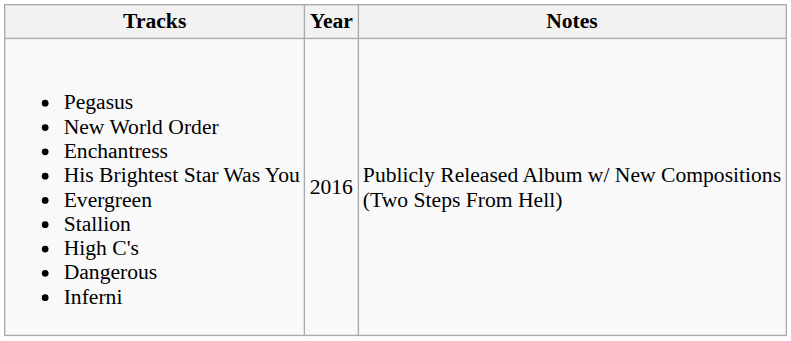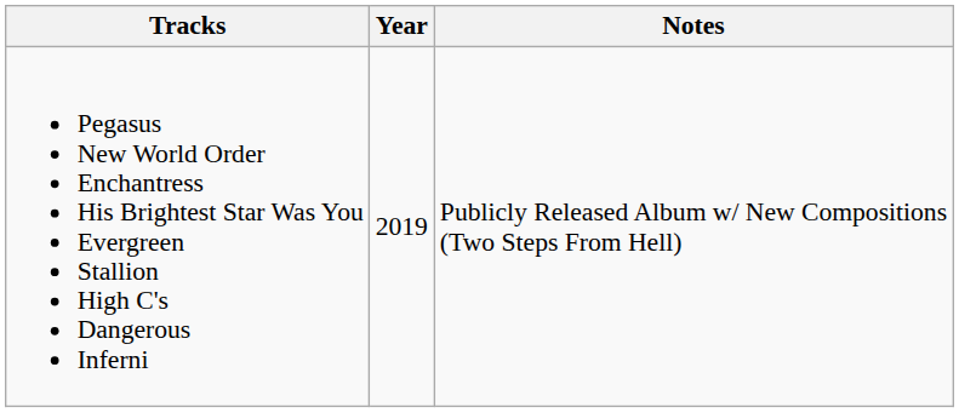 <table class="wikitable sortable">
 <tr>
 <th>Tracks</th>
 <th>Year</th>
 <th>Notes</th>
 </tr>
 <tr>
 <td><br><ul><li>Pegasus</li><li>New World Order</li><li>Enchantress</li><li>His Brightest Star Was You</li><li>Evergreen</li><li>Stallion</li><li>High C's</li><li>Dangerous</li><li>Inferni</li></ul></td>
-<td>2016</td>
+<td>2019</td>
 <td>Publicly Released Album w/ New Compositions<br>(Two Steps From Hell)</td>
 </tr>
 </table>
